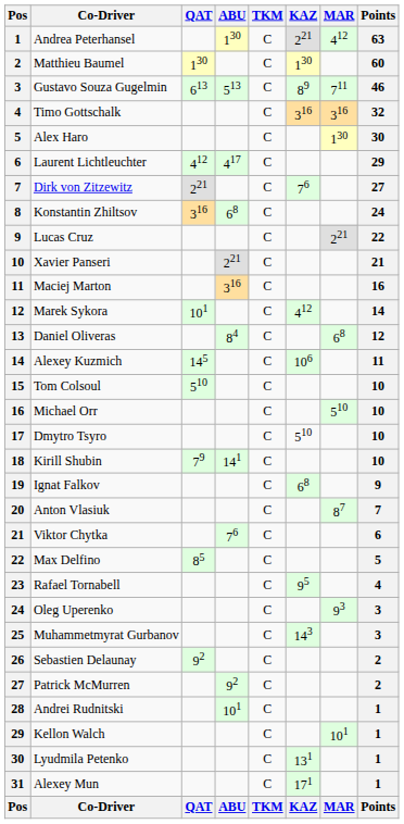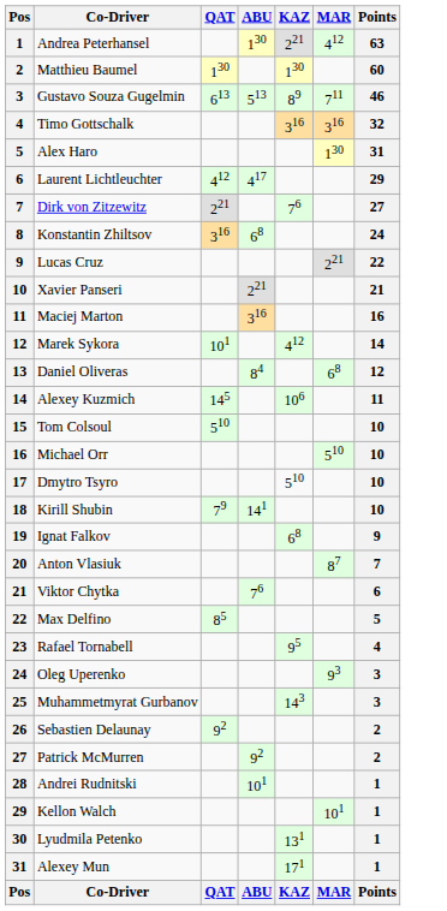 <table class="wikitable" style="font-size: 85%; text-align: center; display: inline-table;">
 <tr valign="top">
 <th valign="middle">Pos</th>
 <th valign="middle">Co-Driver</th>
 <th><a href='#'>QAT</a><br></th>
 <th><a href='#'>ABU</a><br></th>
-<th><a href='#'>TKM</a><br></th>
 <th><a href='#'>KAZ</a><br></th>
 <th><a href='#'>MAR</a><br></th>
 <th valign="middle">Points</th>
 </tr>
 <tr>
 <th>1</th>
 <td align=left> Andrea Peterhansel</td>
 <td></td>
 <td style="background:#ffffbf;">1<sup>30</sup></td>
-<td>C</td>
 <td style="background:#dfdfdf;">2<sup>21</sup></td>
 <td style="background:#dfffdf;">4<sup>12</sup></td>
 <th>63</th>
 </tr>
 <tr>
 <th>2</th>
 <td align=left> Matthieu Baumel</td>
 <td style="background:#ffffbf;">1<sup>30</sup></td>
 <td></td>
-<td>C</td>
 <td style="background:#ffffbf;">1<sup>30</sup></td>
 <td></td>
 <th>60</th>
 </tr>
 <tr>
 <th>3</th>
 <td align=left> Gustavo Souza Gugelmin</td>
 <td style="background:#dfffdf;">6<sup>13</sup></td>
 <td style="background:#dfffdf;">5<sup>13</sup></td>
-<td>C</td>
 <td style="background:#dfffdf;">8<sup>9</sup></td>
 <td style="background:#dfffdf;">7<sup>11</sup></td>
 <th>46</th>
 </tr>
 <tr>
 <th>4</th>
 <td align=left> Timo Gottschalk</td>
 <td></td>
 <td></td>
-<td>C</td>
 <td style="background:#ffdf9f;">3<sup>16</sup></td>
 <td style="background:#ffdf9f;">3<sup>16</sup></td>
 <th>32</th>
 </tr>
 <tr>
 <th>5</th>
 <td align=left> Alex Haro</td>
 <td></td>
 <td></td>
-<td>C</td>
 <td></td>
 <td style="background:#ffffbf;">1<sup>30</sup></td>
-<th>30</th>
+<th>31</th>
 </tr>
 <tr>
 <th>6</th>
 <td align=left> Laurent Lichtleuchter</td>
 <td style="background:#dfffdf;">4<sup>12</sup></td>
 <td style="background:#dfffdf;">4<sup>17</sup></td>
-<td>C</td>
 <td></td>
 <td></td>
 <th>29</th>
 </tr>
 <tr>
 <th>7</th>
 <td align=left> <a href='#'>Dirk von Zitzewitz</a></td>
 <td style="background:#dfdfdf;">2<sup>21</sup></td>
 <td></td>
-<td>C</td>
 <td style="background:#dfffdf;">7<sup>6</sup></td>
 <td></td>
 <th>27</th>
 </tr>
 <tr>
 <th>8</th>
 <td align=left> Konstantin Zhiltsov</td>
 <td style="background:#ffdf9f;">3<sup>16</sup></td>
 <td style="background:#dfffdf;">6<sup>8</sup></td>
-<td>C</td>
 <td></td>
 <td></td>
 <th>24</th>
 </tr>
 <tr>
 <th>9</th>
 <td align=left> Lucas Cruz</td>
 <td></td>
 <td></td>
-<td>C</td>
 <td></td>
 <td style="background:#dfdfdf;">2<sup>21</sup></td>
 <th>22</th>
 </tr>
 <tr>
 <th>10</th>
 <td align=left> Xavier Panseri</td>
 <td></td>
 <td style="background:#dfdfdf;">2<sup>21</sup></td>
-<td>C</td>
 <td></td>
 <td></td>
 <th>21</th>
 </tr>
 <tr>
 <th>11</th>
 <td align=left> Maciej Marton</td>
 <td></td>
 <td style="background:#ffdf9f;">3<sup>16</sup></td>
-<td>C</td>
 <td></td>
 <td></td>
 <th>16</th>
 </tr>
 <tr>
 <th>12</th>
 <td align=left> Marek Sykora</td>
 <td style="background:#dfffdf;">10<sup>1</sup></td>
 <td></td>
-<td>C</td>
 <td style="background:#dfffdf;">4<sup>12</sup></td>
 <td></td>
 <th>14</th>
 </tr>
 <tr>
 <th>13</th>
 <td align=left> Daniel Oliveras</td>
 <td></td>
 <td style="background:#dfffdf;">8<sup>4</sup></td>
-<td>C</td>
 <td></td>
 <td style="background:#dfffdf;">6<sup>8</sup></td>
 <th>12</th>
 </tr>
 <tr>
 <th>14</th>
 <td align=left> Alexey Kuzmich</td>
 <td style="background:#dfffdf;">14<sup>5</sup></td>
 <td></td>
-<td>C</td>
 <td style="background:#dfffdf;">10<sup>6</sup></td>
 <td></td>
 <th>11</th>
 </tr>
 <tr>
 <th>15</th>
 <td align=left> Tom Colsoul</td>
 <td style="background:#dfffdf;">5<sup>10</sup></td>
 <td></td>
-<td>C</td>
 <td></td>
 <td></td>
 <th>10</th>
 </tr>
 <tr>
 <th>16</th>
 <td align=left> Michael Orr</td>
 <td></td>
 <td></td>
-<td>C</td>
 <td></td>
 <td style="background:#dfffdf;">5<sup>10</sup></td>
 <th>10</th>
 </tr>
 <tr>
 <th>17</th>
 <td align=left> Dmytro Tsyro</td>
 <td></td>
 <td></td>
-<td>C</td>
 <td tyle="background:#dfffdf;">5<sup>10</sup></td>
 <td></td>
 <th>10</th>
 </tr>
 <tr>
 <th>18</th>
 <td align=left> Kirill Shubin</td>
 <td style="background:#dfffdf;">7<sup>9</sup></td>
 <td style="background:#dfffdf;">14<sup>1</sup></td>
-<td>C</td>
 <td></td>
 <td></td>
 <th>10</th>
 </tr>
 <tr>
 <th>19</th>
 <td align=left> Ignat Falkov</td>
 <td></td>
 <td></td>
-<td>C</td>
 <td style="background:#dfffdf;">6<sup>8</sup></td>
 <td></td>
 <th>9</th>
 </tr>
 <tr>
 <th>20</th>
 <td align=left> Anton Vlasiuk</td>
 <td></td>
 <td></td>
-<td>C</td>
 <td></td>
 <td style="background:#dfffdf;">8<sup>7</sup></td>
 <th>7</th>
 </tr>
 <tr>
 <th>21</th>
 <td align=left> Viktor Chytka</td>
 <td></td>
 <td style="background:#dfffdf;">7<sup>6</sup></td>
-<td>C</td>
 <td></td>
 <td></td>
 <th>6</th>
 </tr>
 <tr>
 <th>22</th>
 <td align=left> Max Delfino</td>
 <td style="background:#dfffdf;">8<sup>5</sup></td>
 <td></td>
-<td>C</td>
 <td></td>
 <td></td>
 <th>5</th>
 </tr>
 <tr>
 <th>23</th>
 <td align=left> Rafael Tornabell</td>
 <td></td>
 <td></td>
-<td>C</td>
 <td style="background:#dfffdf;">9<sup>5</sup></td>
 <td></td>
 <th>4</th>
 </tr>
 <tr>
 <th>24</th>
 <td align=left> Oleg Uperenko</td>
 <td></td>
 <td></td>
-<td>C</td>
 <td></td>
 <td style="background:#dfffdf;">9<sup>3</sup></td>
 <th>3</th>
 </tr>
 <tr>
 <th>25</th>
 <td align=left> Muhammetmyrat Gurbanov</td>
 <td></td>
 <td></td>
-<td>C</td>
 <td style="background:#dfffdf;">14<sup>3</sup></td>
 <td></td>
 <th>3</th>
 </tr>
 <tr>
 <th>26</th>
 <td align=left> Sebastien Delaunay</td>
 <td style="background:#dfffdf;">9<sup>2</sup></td>
 <td></td>
-<td>C</td>
 <td></td>
 <td></td>
 <th>2</th>
 </tr>
 <tr>
 <th>27</th>
 <td align=left> Patrick McMurren</td>
 <td></td>
 <td style="background:#dfffdf;">9<sup>2</sup></td>
-<td>C</td>
 <td></td>
 <td></td>
 <th>2</th>
 </tr>
 <tr>
 <th>28</th>
 <td align=left> Andrei Rudnitski</td>
 <td></td>
 <td style="background:#dfffdf;">10<sup>1</sup></td>
-<td>C</td>
 <td></td>
 <td></td>
 <th>1</th>
 </tr>
 <tr>
 <th>29</th>
 <td align=left> Kellon Walch</td>
 <td></td>
 <td></td>
-<td>C</td>
 <td></td>
 <td style="background:#dfffdf;">10<sup>1</sup></td>
 <th>1</th>
 </tr>
 <tr>
 <th>30</th>
 <td align=left> Lyudmila Petenko</td>
 <td></td>
 <td></td>
-<td>C</td>
 <td style="background:#dfffdf;">13<sup>1</sup></td>
 <td></td>
 <th>1</th>
 </tr>
 <tr>
 <th>31</th>
 <td align=left> Alexey Mun</td>
 <td></td>
 <td></td>
-<td>C</td>
 <td style="background:#dfffdf;">17<sup>1</sup></td>
 <td></td>
 <th>1</th>
 </tr>
 <tr valign="top">
 <th valign="middle">Pos</th>
 <th valign="middle">Co-Driver</th>
 <th><a href='#'>QAT</a><br></th>
 <th><a href='#'>ABU</a><br></th>
-<th><a href='#'>TKM</a><br></th>
 <th><a href='#'>KAZ</a><br></th>
 <th><a href='#'>MAR</a><br></th>
 <th valign="middle">Points</th>
 </tr>
 </table>
